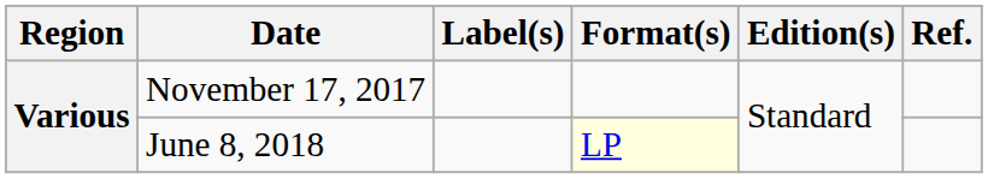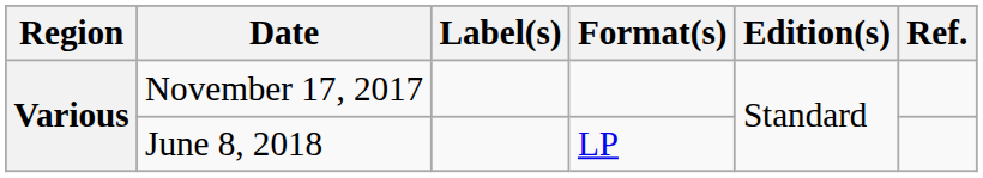 <table class="wikitable plainrowheaders">
 <tr>
 <th scope="col">Region</th>
 <th scope="col">Date</th>
 <th scope="col">Label(s)</th>
 <th scope="col">Format(s)</th>
 <th scope="col">Edition(s)</th>
 <th scope="col">Ref.</th>
 </tr>
 <tr>
 <th scope="row" rowspan="2">Various</th>
 <td>November 17, 2017</td>
 <td></td>
 <td></td>
 <td rowspan="2">Standard</td>
 <td style="text-align: center"></td>
 </tr>
 <tr>
 <td>June 8, 2018</td>
 <td></td>
-<td style="background: lightyellow;"><a href='#'>LP</a></td>
+<td><a href='#'>LP</a></td>
 <td style="text-align: center"></td>
 </tr>
 </table>
